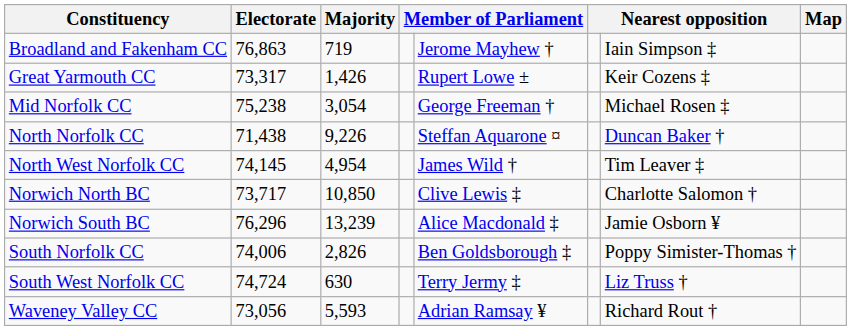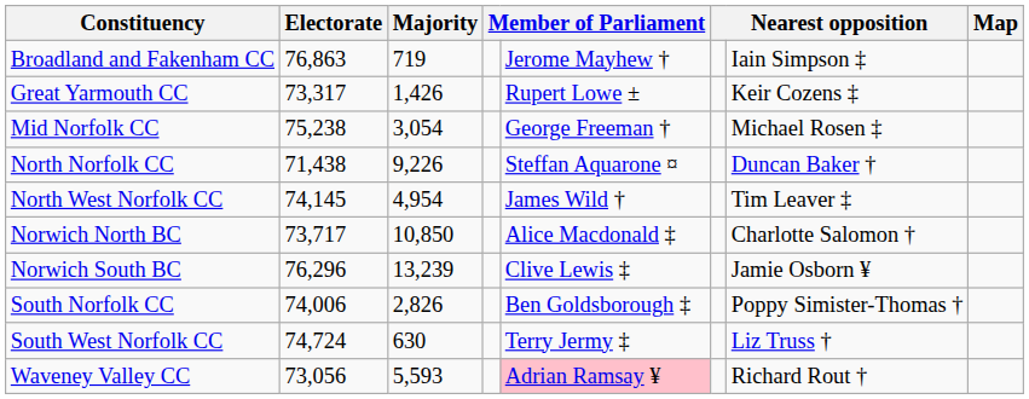 <table class="wikitable sortable">
 <tr>
 <th rowspan="1">Constituency</th>
 <th rowspan="1">Electorate</th>
 <th rowspan="1">Majority</th>
 <th class="unsortable" colspan="2"><a href='#'>Member of Parliament</a></th>
 <th class="unsortable" colspan="2">Nearest opposition</th>
 <th class="unsortable" rowspan="1">Map</th>
 </tr>
 <tr>
 <td><a href='#'>Broadland and Fakenham CC</a></td>
 <td>76,863</td>
 <td>719</td>
 <td style="color:inherit;background:"> </td>
 <td><a href='#'>Jerome Mayhew</a> †</td>
 <td style="color:inherit;background:"> </td>
 <td>Iain Simpson ‡</td>
 <td></td>
 </tr>
 <tr>
 <td><a href='#'>Great Yarmouth CC</a></td>
 <td>73,317</td>
 <td>1,426</td>
 <td style="color:inherit;background:"> </td>
 <td><a href='#'>Rupert Lowe</a> ±</td>
 <td style="color:inherit;background:"> </td>
 <td>Keir Cozens ‡</td>
 <td></td>
 </tr>
 <tr>
 <td><a href='#'>Mid Norfolk CC</a></td>
 <td>75,238</td>
 <td>3,054</td>
 <td style="color:inherit;background:"> </td>
 <td><a href='#'>George Freeman</a> †</td>
 <td style="color:inherit;background:"> </td>
 <td>Michael Rosen ‡</td>
 <td></td>
 </tr>
 <tr>
 <td><a href='#'>North Norfolk CC</a></td>
 <td>71,438</td>
 <td>9,226</td>
 <td style="color:inherit;background:"> </td>
 <td><a href='#'>Steffan Aquarone</a> ¤</td>
 <td style="color:inherit;background:"> </td>
 <td><a href='#'>Duncan Baker</a> †</td>
 <td></td>
 </tr>
 <tr>
 <td><a href='#'>North West Norfolk CC</a></td>
 <td>74,145</td>
 <td>4,954</td>
 <td style="color:inherit;background:"> </td>
 <td><a href='#'>James Wild</a> †</td>
 <td style="color:inherit;background:"> </td>
 <td>Tim Leaver ‡</td>
 <td></td>
 </tr>
 <tr>
 <td><a href='#'>Norwich North BC</a></td>
 <td>73,717</td>
 <td>10,850</td>
 <td style="color:inherit;background:"> </td>
-<td><a href='#'>Clive Lewis</a> ‡</td>
+<td><a href='#'>Alice Macdonald</a> ‡</td>
 <td style="color:inherit;background:"> </td>
 <td>Charlotte Salomon †</td>
 <td></td>
 </tr>
 <tr>
 <td><a href='#'>Norwich South BC</a></td>
 <td>76,296</td>
 <td>13,239</td>
 <td style="color:inherit;background:"> </td>
-<td><a href='#'>Alice Macdonald</a> ‡</td>
+<td><a href='#'>Clive Lewis</a> ‡</td>
 <td style="color:inherit;background:"> </td>
 <td>Jamie Osborn ¥</td>
 <td></td>
 </tr>
 <tr>
 <td><a href='#'>South Norfolk CC</a></td>
 <td>74,006</td>
 <td>2,826</td>
 <td style="color:inherit;background:"> </td>
 <td><a href='#'>Ben Goldsborough</a> ‡</td>
 <td style="color:inherit;background:"> </td>
 <td>Poppy Simister-Thomas †</td>
 <td></td>
 </tr>
 <tr>
 <td><a href='#'>South West Norfolk CC</a></td>
 <td>74,724</td>
 <td>630</td>
 <td style="color:inherit;background:"> </td>
 <td><a href='#'>Terry Jermy</a> ‡</td>
 <td style="color:inherit;background:"> </td>
 <td><a href='#'>Liz Truss</a> †</td>
 <td></td>
 </tr>
 <tr>
 <td><a href='#'>Waveney Valley CC</a></td>
 <td>73,056</td>
 <td>5,593</td>
 <td style="color:inherit;background:"> </td>
-<td><a href='#'>Adrian Ramsay</a> ¥</td>
+<td style="background: pink;"><a href='#'>Adrian Ramsay</a> ¥</td>
 <td style="color:inherit;background:"> </td>
 <td>Richard Rout †</td>
 <td></td>
 </tr>
 </table>
